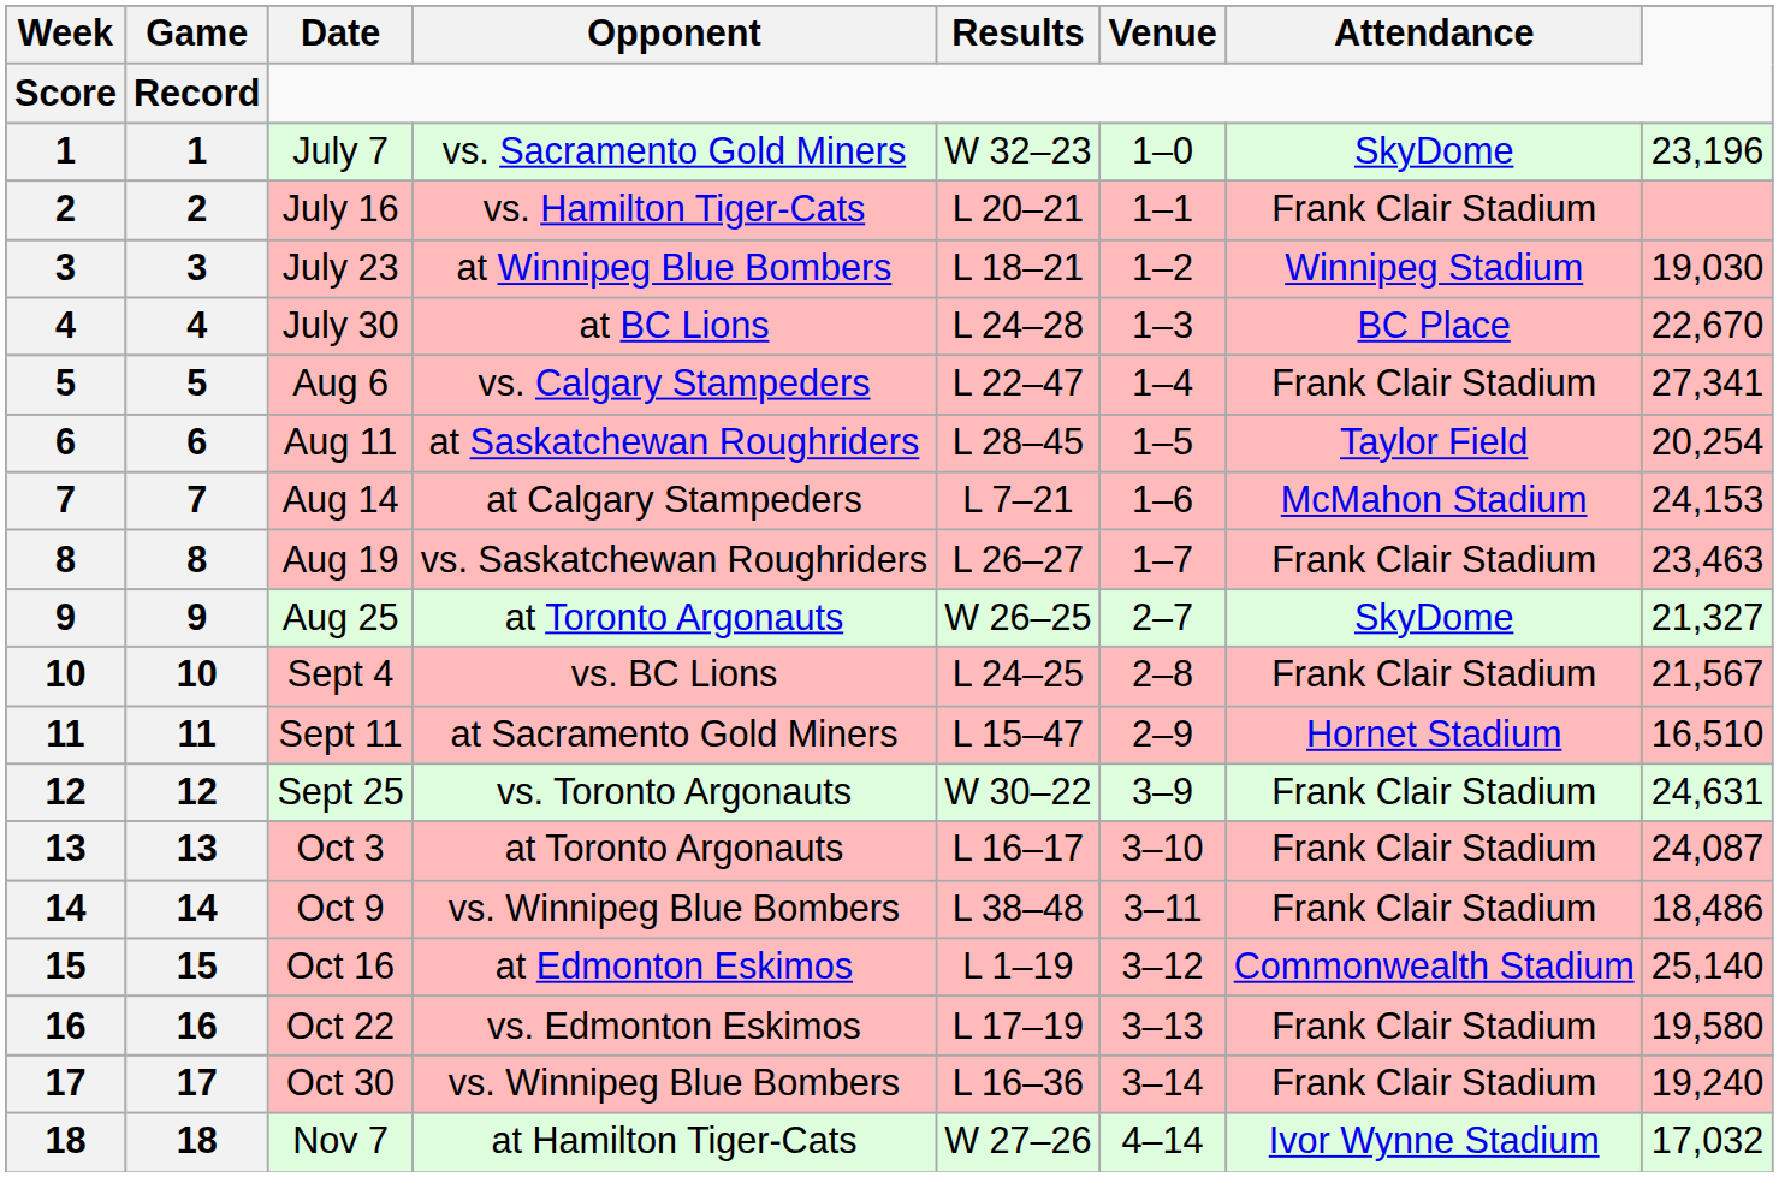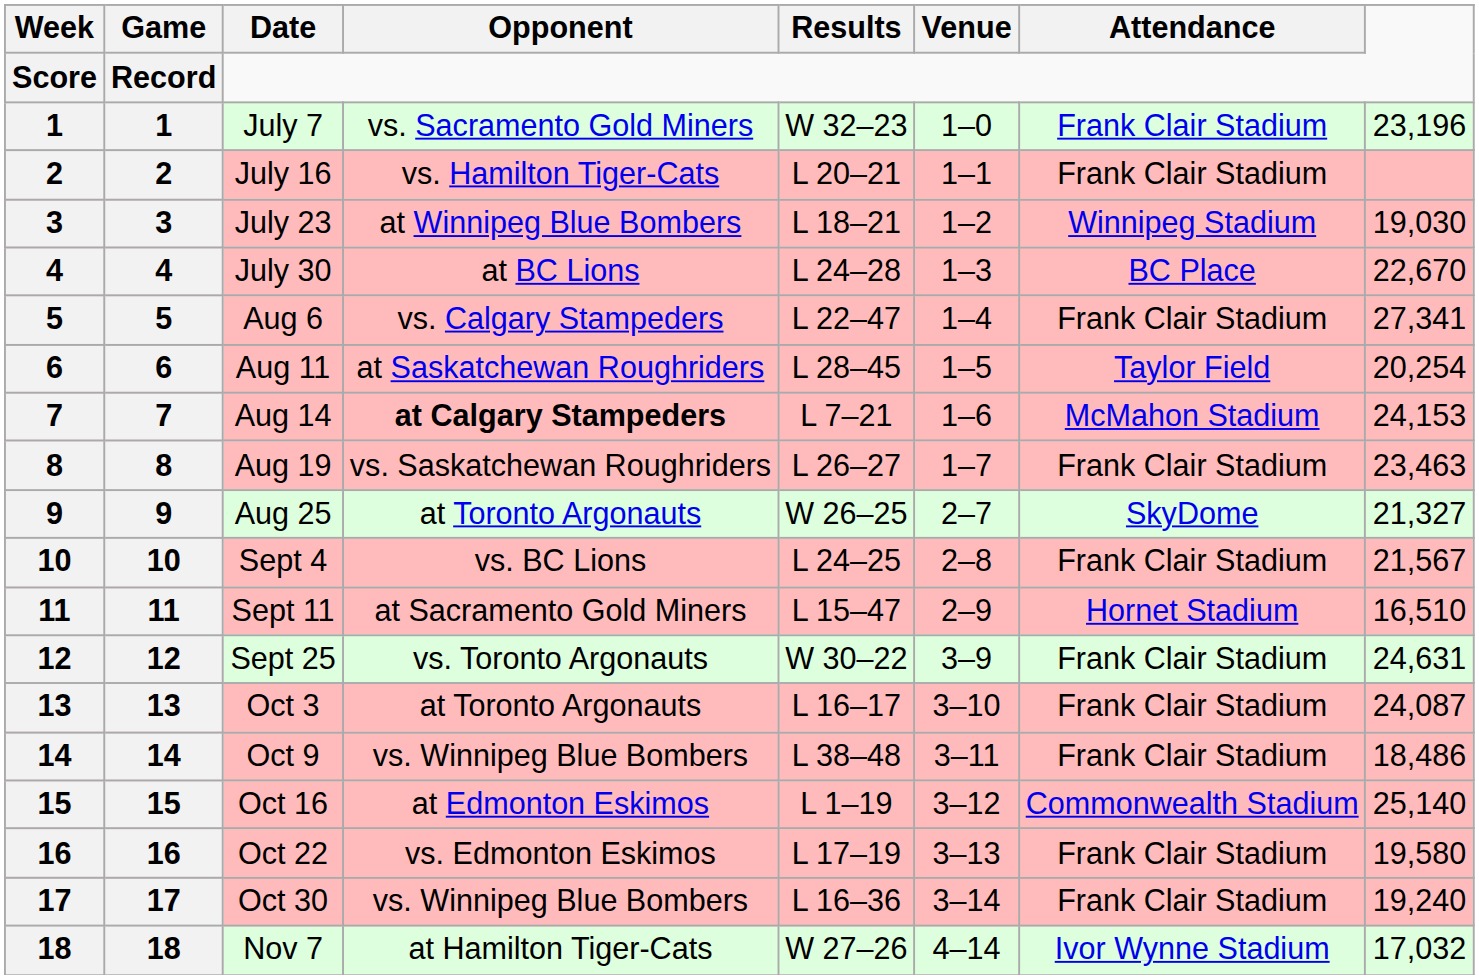 <table class="wikitable" style="text-align:center">
 <tr>
 <th>Week</th>
 <th>Game</th>
 <th>Date</th>
 <th>Opponent</th>
 <th>Results</th>
 <th>Venue</th>
 <th>Attendance</th>
 </tr>
 <tr>
 <th>Score</th>
 <th>Record</th>
 </tr>
 <tr style="background:#ddffdd">
 <th>1</th>
 <th>1</th>
 <td>July 7</td>
 <td>vs. <a href='#'>Sacramento Gold Miners</a></td>
 <td>W 32–23</td>
 <td>1–0</td>
-<td><a href='#'>SkyDome</a></td>
+<td><a href='#'>Frank Clair Stadium</a></td>
 <td>23,196</td>
 </tr>
 <tr style="background:#ffbbbb">
 <th>2</th>
 <th>2</th>
 <td>July 16</td>
 <td>vs. <a href='#'>Hamilton Tiger-Cats</a></td>
 <td>L 20–21</td>
 <td>1–1</td>
 <td>Frank Clair Stadium</td>
 <td></td>
 </tr>
 <tr style="background:#ffbbbb">
 <th>3</th>
 <th>3</th>
 <td>July 23</td>
 <td>at <a href='#'>Winnipeg Blue Bombers</a></td>
 <td>L 18–21</td>
 <td>1–2</td>
 <td><a href='#'>Winnipeg Stadium</a></td>
 <td>19,030</td>
 </tr>
 <tr style="background:#ffbbbb">
 <th>4</th>
 <th>4</th>
 <td>July 30</td>
 <td>at <a href='#'>BC Lions</a></td>
 <td>L 24–28</td>
 <td>1–3</td>
 <td><a href='#'>BC Place</a></td>
 <td>22,670</td>
 </tr>
 <tr style="background:#ffbbbb">
 <th>5</th>
 <th>5</th>
 <td>Aug 6</td>
 <td>vs. <a href='#'>Calgary Stampeders</a></td>
 <td>L 22–47</td>
 <td>1–4</td>
 <td>Frank Clair Stadium</td>
 <td>27,341</td>
 </tr>
 <tr style="background:#ffbbbb">
 <th>6</th>
 <th>6</th>
 <td>Aug 11</td>
 <td>at <a href='#'>Saskatchewan Roughriders</a></td>
 <td>L 28–45</td>
 <td>1–5</td>
 <td><a href='#'>Taylor Field</a></td>
 <td>20,254</td>
 </tr>
 <tr style="background:#ffbbbb">
 <th>7</th>
 <th>7</th>
 <td>Aug 14</td>
-<td>at Calgary Stampeders</td>
+<td><strong>at Calgary Stampeders</strong></td>
 <td>L 7–21</td>
 <td>1–6</td>
 <td><a href='#'>McMahon Stadium</a></td>
 <td>24,153</td>
 </tr>
 <tr style="background:#ffbbbb">
 <th>8</th>
 <th>8</th>
 <td>Aug 19</td>
 <td>vs. Saskatchewan Roughriders</td>
 <td>L 26–27</td>
 <td>1–7</td>
 <td>Frank Clair Stadium</td>
 <td>23,463</td>
 </tr>
 <tr style="background:#ddffdd">
 <th>9</th>
 <th>9</th>
 <td>Aug 25</td>
 <td>at <a href='#'>Toronto Argonauts</a></td>
 <td>W 26–25</td>
 <td>2–7</td>
 <td><a href='#'>SkyDome</a></td>
 <td>21,327</td>
 </tr>
 <tr style="background:#ffbbbb">
 <th>10</th>
 <th>10</th>
 <td>Sept 4</td>
 <td>vs. BC Lions</td>
 <td>L 24–25</td>
 <td>2–8</td>
 <td>Frank Clair Stadium</td>
 <td>21,567</td>
 </tr>
 <tr style="background:#ffbbbb">
 <th>11</th>
 <th>11</th>
 <td>Sept 11</td>
 <td>at Sacramento Gold Miners</td>
 <td>L 15–47</td>
 <td>2–9</td>
 <td><a href='#'>Hornet Stadium</a></td>
 <td>16,510</td>
 </tr>
 <tr style="background:#ddffdd">
 <th>12</th>
 <th>12</th>
 <td>Sept 25</td>
 <td>vs. Toronto Argonauts</td>
 <td>W 30–22</td>
 <td>3–9</td>
 <td>Frank Clair Stadium</td>
 <td>24,631</td>
 </tr>
 <tr style="background:#ffbbbb">
 <th>13</th>
 <th>13</th>
 <td>Oct 3</td>
 <td>at Toronto Argonauts</td>
 <td>L 16–17</td>
 <td>3–10</td>
 <td>Frank Clair Stadium</td>
 <td>24,087</td>
 </tr>
 <tr style="background:#ffbbbb">
 <th>14</th>
 <th>14</th>
 <td>Oct 9</td>
 <td>vs. Winnipeg Blue Bombers</td>
 <td>L 38–48</td>
 <td>3–11</td>
 <td>Frank Clair Stadium</td>
 <td>18,486</td>
 </tr>
 <tr style="background:#ffbbbb">
 <th>15</th>
 <th>15</th>
 <td>Oct 16</td>
 <td>at <a href='#'>Edmonton Eskimos</a></td>
 <td>L 1–19</td>
 <td>3–12</td>
 <td><a href='#'>Commonwealth Stadium</a></td>
 <td>25,140</td>
 </tr>
 <tr style="background:#ffbbbb">
 <th>16</th>
 <th>16</th>
 <td>Oct 22</td>
 <td>vs. Edmonton Eskimos</td>
 <td>L 17–19</td>
 <td>3–13</td>
 <td>Frank Clair Stadium</td>
 <td>19,580</td>
 </tr>
 <tr style="background:#ffbbbb">
 <th>17</th>
 <th>17</th>
 <td>Oct 30</td>
 <td>vs. Winnipeg Blue Bombers</td>
 <td>L 16–36</td>
 <td>3–14</td>
 <td>Frank Clair Stadium</td>
 <td>19,240</td>
 </tr>
 <tr style="background:#ddffdd">
 <th>18</th>
 <th>18</th>
 <td>Nov 7</td>
 <td>at Hamilton Tiger-Cats</td>
 <td>W 27–26</td>
 <td>4–14</td>
 <td><a href='#'>Ivor Wynne Stadium</a></td>
 <td>17,032</td>
 </tr>
 </table>
